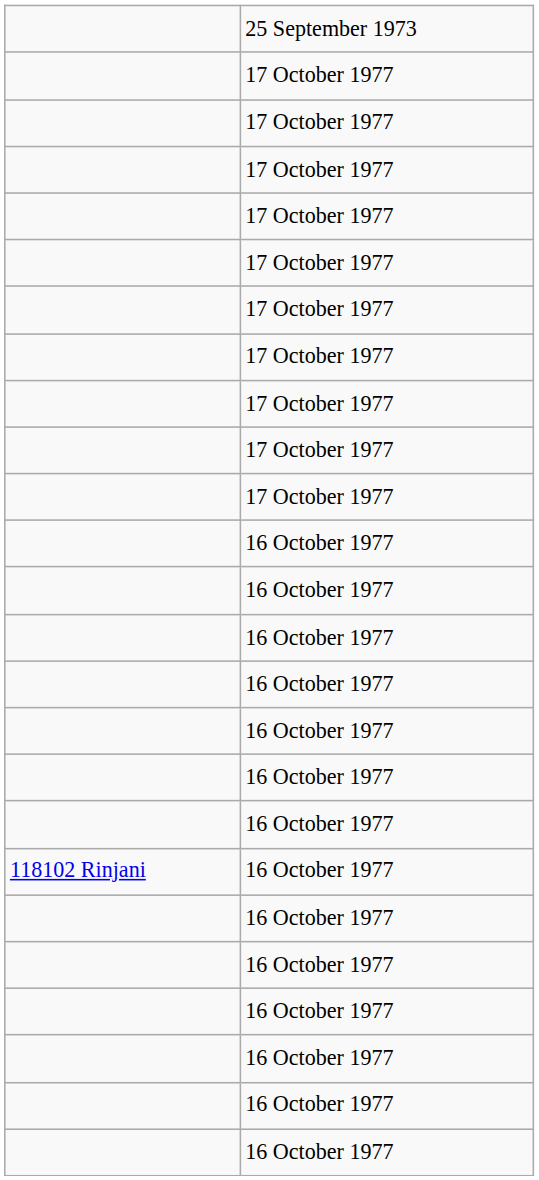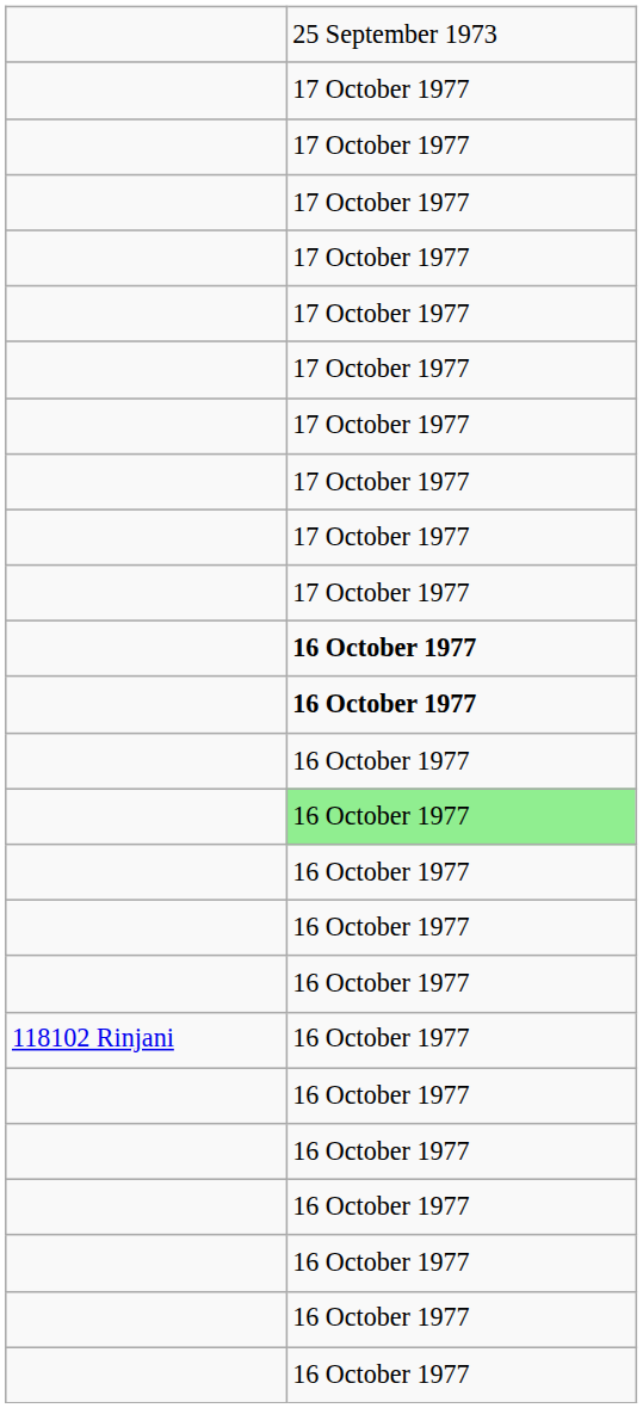 <table class="wikitable" style="font-size: 89%; float: left; width: 24em; margin-right: 1em; line-height: 1.65em">
 <tr>
 <td></td>
 <td>25 September 1973</td>
 </tr>
 <tr>
 <td></td>
 <td>17 October 1977</td>
 </tr>
 <tr>
 <td></td>
 <td>17 October 1977</td>
 </tr>
 <tr>
 <td></td>
 <td>17 October 1977</td>
 </tr>
 <tr>
 <td></td>
 <td>17 October 1977</td>
 </tr>
 <tr>
 <td></td>
 <td>17 October 1977</td>
 </tr>
 <tr>
 <td></td>
 <td>17 October 1977</td>
 </tr>
 <tr>
 <td></td>
 <td>17 October 1977</td>
 </tr>
 <tr>
 <td></td>
 <td>17 October 1977</td>
 </tr>
 <tr>
 <td></td>
 <td>17 October 1977</td>
 </tr>
 <tr>
 <td></td>
 <td>17 October 1977</td>
 </tr>
 <tr>
 <td></td>
-<td>16 October 1977</td>
+<td><strong>16 October 1977</strong></td>
+</tr>
+<tr>
+<td></td>
+<td><strong>16 October 1977</strong></td>
 </tr>
 <tr>
 <td></td>
 <td>16 October 1977</td>
 </tr>
 <tr>
 <td></td>
-<td>16 October 1977</td>
-</tr>
-<tr>
-<td></td>
-<td>16 October 1977</td>
+<td style="background: lightgreen;">16 October 1977</td>
 </tr>
 <tr>
 <td></td>
 <td>16 October 1977</td>
 </tr>
 <tr>
 <td></td>
 <td>16 October 1977</td>
 </tr>
 <tr>
 <td></td>
 <td>16 October 1977</td>
 </tr>
 <tr>
 <td><a href='#'>118102 Rinjani</a></td>
 <td>16 October 1977</td>
 </tr>
 <tr>
 <td></td>
 <td>16 October 1977</td>
 </tr>
 <tr>
 <td></td>
 <td>16 October 1977</td>
 </tr>
 <tr>
 <td></td>
 <td>16 October 1977</td>
 </tr>
 <tr>
 <td></td>
 <td>16 October 1977</td>
 </tr>
 <tr>
 <td></td>
 <td>16 October 1977</td>
 </tr>
 <tr>
 <td></td>
 <td>16 October 1977</td>
 </tr>
 </table>
